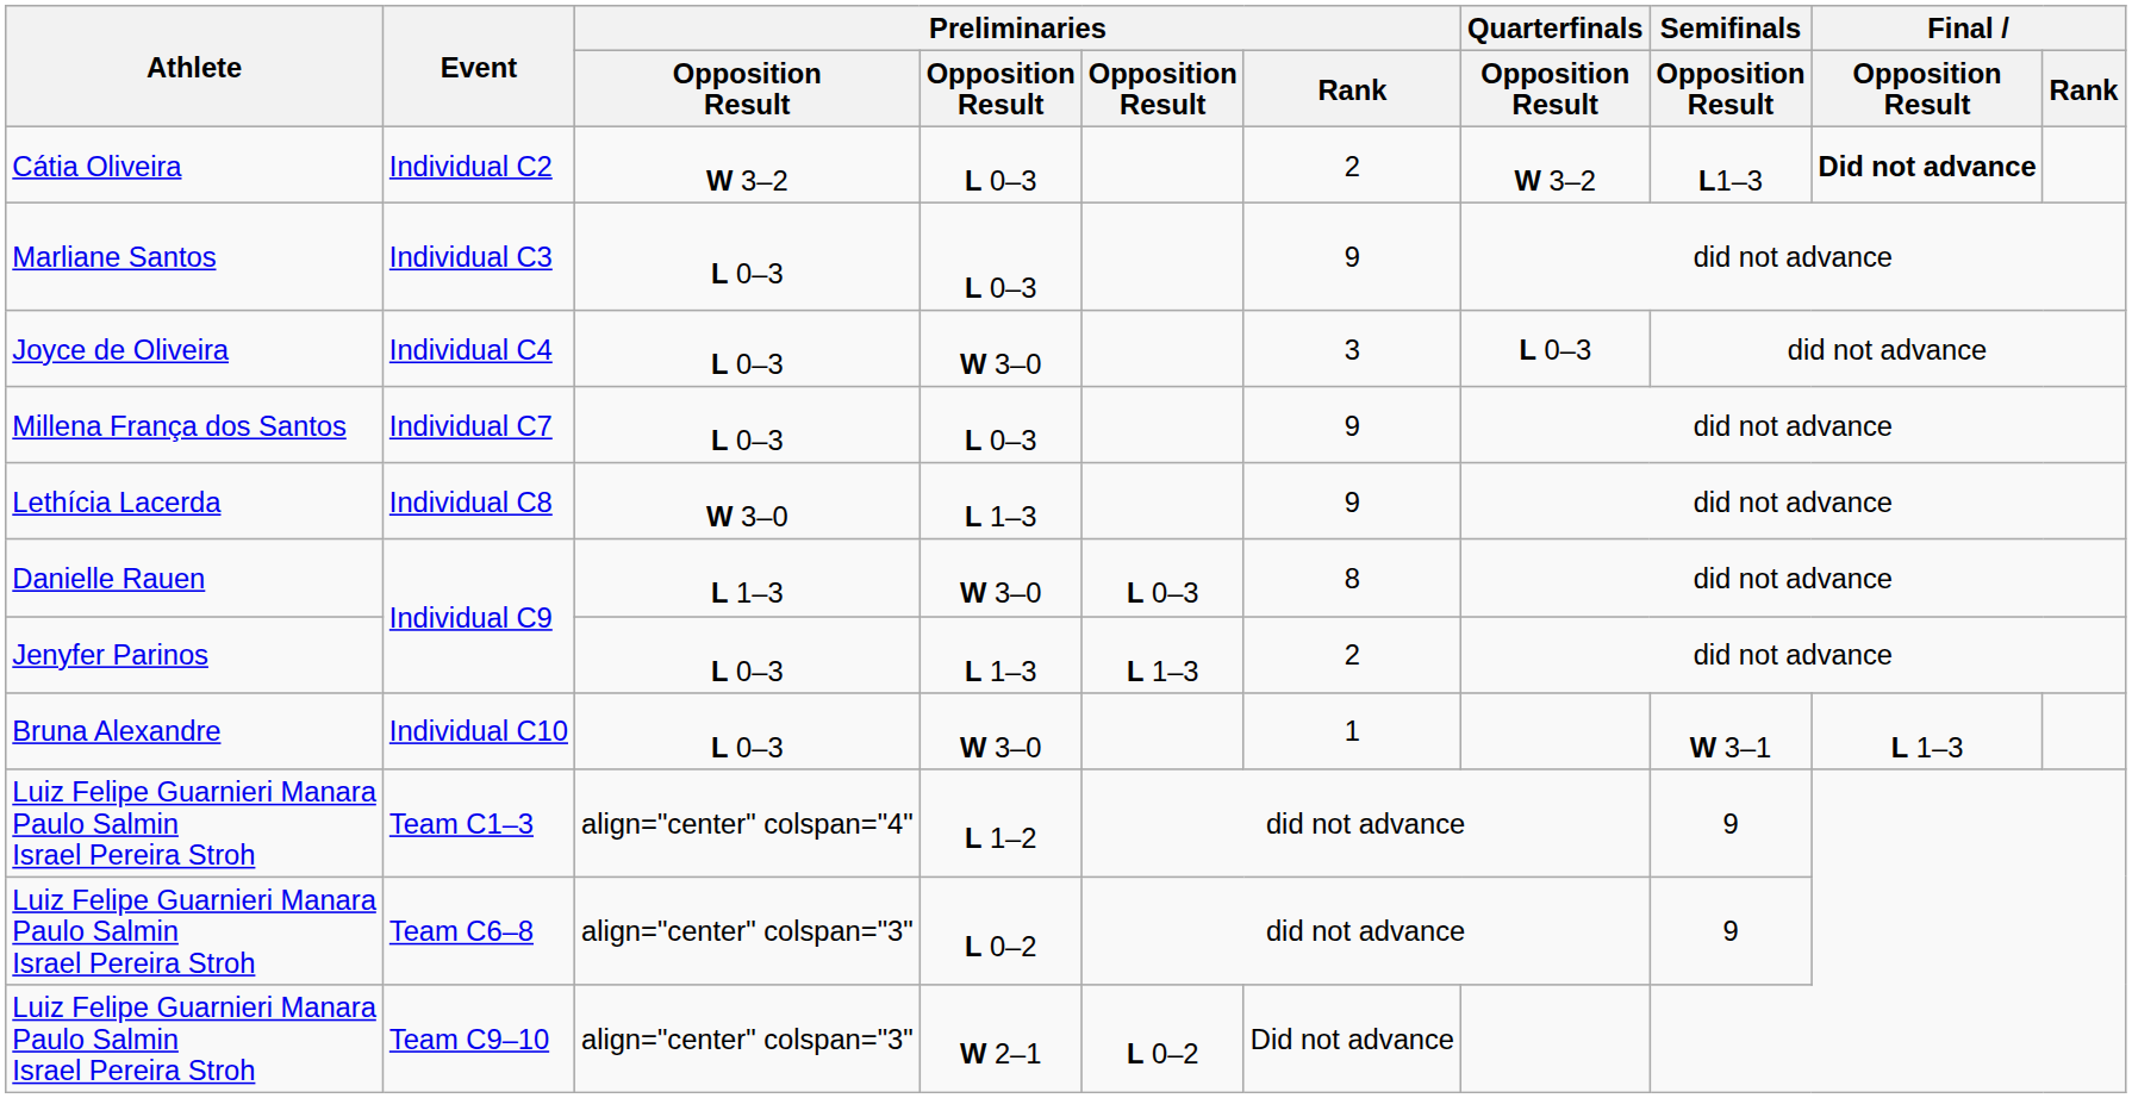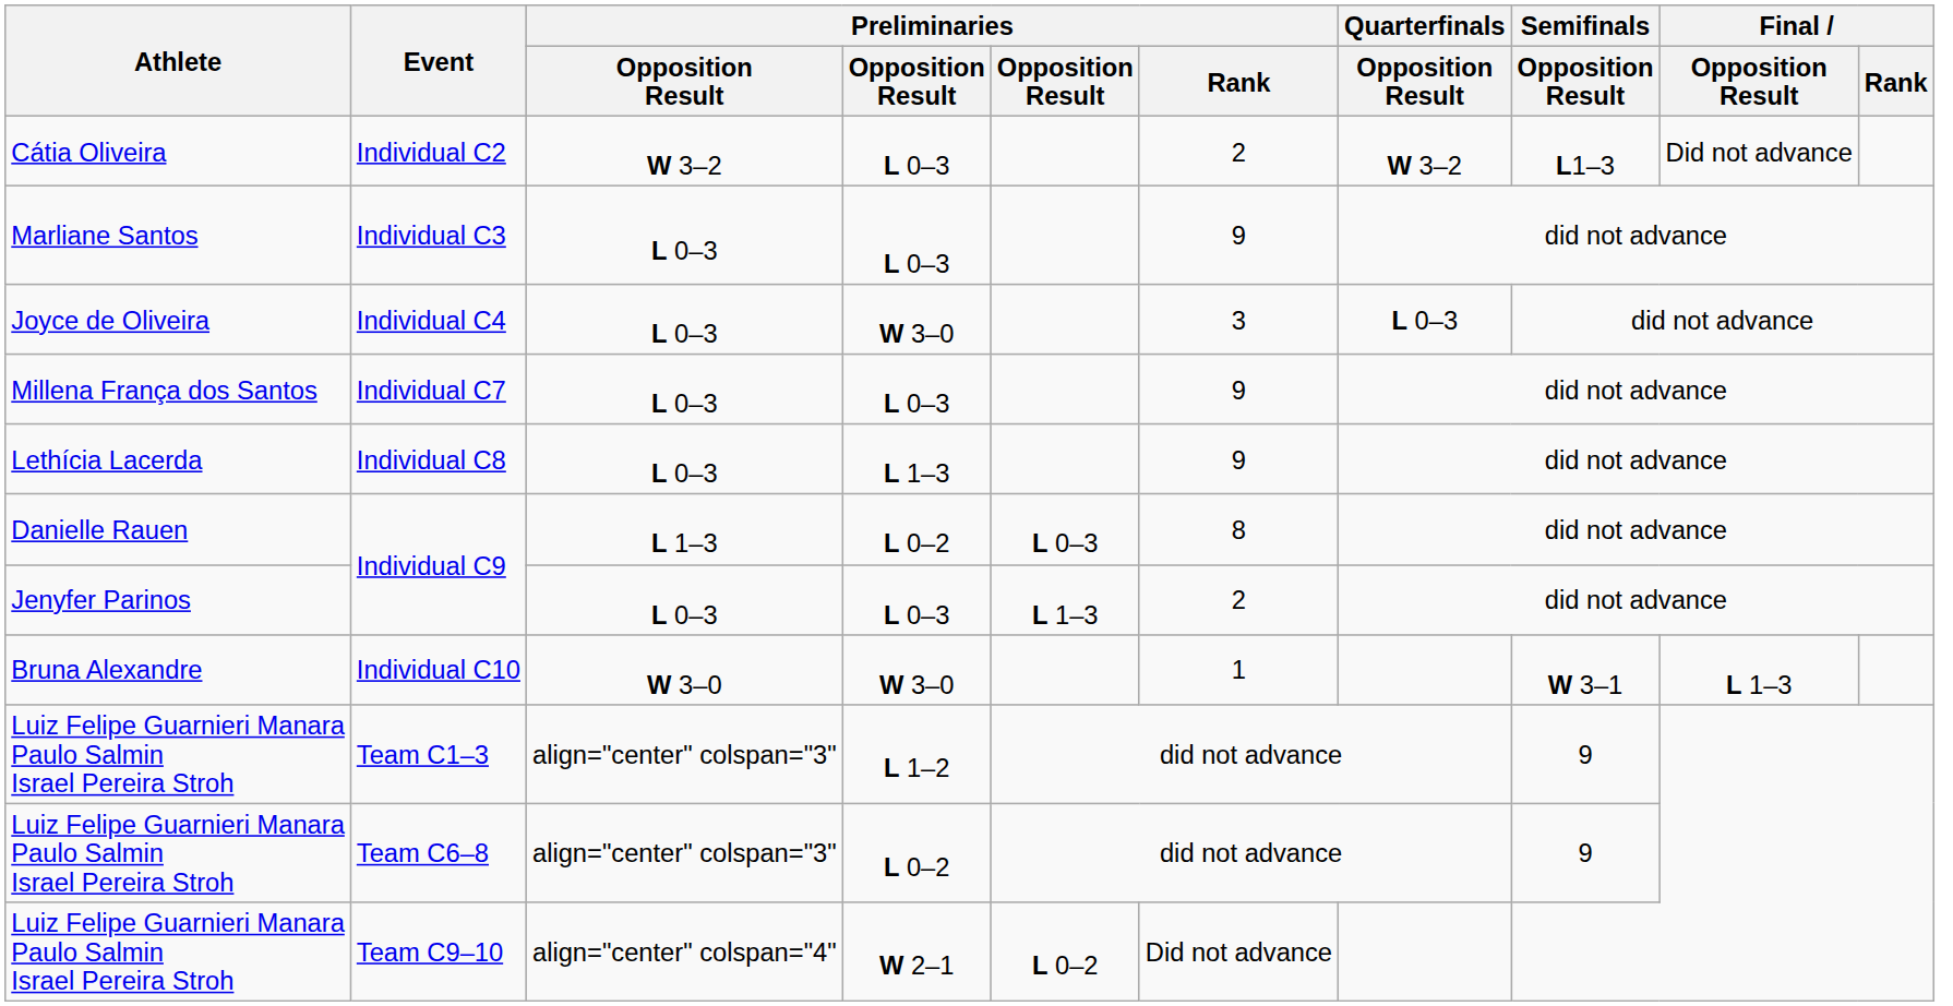 <table class=wikitable style="font-size:95%">
 <tr>
 <th rowspan="2">Athlete</th>
 <th rowspan="2">Event</th>
 <th colspan="4">Preliminaries</th>
 <th>Quarterfinals</th>
 <th>Semifinals</th>
 <th colspan="2">Final / </th>
 </tr>
 <tr>
 <th>Opposition<br>Result</th>
 <th>Opposition<br>Result</th>
 <th>Opposition<br>Result</th>
 <th>Rank</th>
 <th>Opposition<br>Result</th>
 <th>Opposition<br>Result</th>
 <th>Opposition<br>Result</th>
 <th>Rank</th>
 </tr>
 <tr align=center>
 <td align=left><a href='#'>Cátia Oliveira</a></td>
 <td align=left><a href='#'>Individual C2</a></td>
 <td><br><strong>W</strong> 3–2</td>
 <td><br><strong>L</strong> 0–3</td>
 <td></td>
 <td>2</td>
 <td><br><strong>W</strong> 3–2</td>
 <td><br><strong>L</strong>1–3</td>
-<td><strong>Did not advance</strong></td>
+<td>Did not advance</td>
 <td></td>
 </tr>
 <tr align=center>
 <td align=left><a href='#'>Marliane Santos</a></td>
 <td align=left><a href='#'>Individual C3</a></td>
 <td><br><strong>L</strong> 0–3</td>
 <td><br><br><strong>L</strong> 0–3</td>
 <td></td>
 <td>9</td>
 <td colspan="4">did not advance</td>
 </tr>
 <tr align=center>
 <td align=left><a href='#'>Joyce de Oliveira</a></td>
 <td align=left><a href='#'>Individual C4</a></td>
 <td><br><strong>L</strong> 0–3</td>
 <td><br><strong>W</strong> 3–0</td>
 <td></td>
 <td>3</td>
 <td><strong>L</strong> 0–3</td>
 <td colspan="4">did not advance</td>
 </tr>
 <tr align=center>
 <td align=left><a href='#'>Millena França dos Santos</a></td>
 <td align=left><a href='#'>Individual C7</a></td>
 <td><br><strong>L</strong> 0–3</td>
 <td><br><strong>L</strong> 0–3</td>
 <td></td>
 <td>9</td>
 <td colspan="4">did not advance</td>
 </tr>
 <tr align=center>
 <td align=left><a href='#'>Lethícia Lacerda</a></td>
 <td align=left><a href='#'>Individual C8</a></td>
-<td><br><strong>W</strong> 3–0</td>
+<td><br><strong>L</strong> 0–3</td>
 <td><br><strong>L</strong> 1–3</td>
 <td></td>
 <td>9</td>
 <td colspan="4">did not advance</td>
 </tr>
 <tr align=center>
 <td align=left><a href='#'>Danielle Rauen</a></td>
 <td rowspan="2" align="left"><a href='#'>Individual C9</a></td>
 <td><br><strong>L</strong> 1–3</td>
-<td><br><strong>W</strong> 3–0</td>
+<td><br> <strong>L</strong> 0–2</td>
 <td><br><strong>L</strong> 0–3</td>
 <td>8</td>
 <td colspan="4">did not advance</td>
 </tr>
 <tr align=center>
 <td align=left><a href='#'>Jenyfer Parinos</a></td>
 <td><br><strong>L</strong> 0–3</td>
-<td><br><strong>L</strong> 1–3</td>
+<td><br><strong>L</strong> 0–3</td>
 <td><br><strong>L</strong> 1–3</td>
 <td>2</td>
 <td colspan="4">did not advance</td>
 </tr>
 <tr align=center>
 <td align=left><a href='#'>Bruna Alexandre</a></td>
 <td align=left><a href='#'>Individual C10</a></td>
-<td><br><strong>L</strong> 0–3</td>
+<td><br><strong>W</strong> 3–0</td>
 <td><br><strong>W</strong> 3–0</td>
 <td></td>
 <td>1</td>
 <td></td>
 <td><br><strong>W</strong> 3–1</td>
 <td><br><strong>L</strong> 1–3</td>
 <td></td>
 </tr>
 <tr align=center>
 <td align=left><a href='#'>Luiz Felipe Guarnieri Manara</a><br><a href='#'>Paulo Salmin</a><br><a href='#'>Israel Pereira Stroh</a></td>
 <td align=left><a href='#'>Team C1–3</a></td>
-<td>align="center" colspan="4" </td>
+<td>align="center" colspan="3" </td>
 <td><br> <strong>L</strong> 1–2</td>
 <td colspan="3">did not advance</td>
 <td>9</td>
 </tr>
 <tr align=center>
 <td align=left><a href='#'>Luiz Felipe Guarnieri Manara</a><br><a href='#'>Paulo Salmin</a><br><a href='#'>Israel Pereira Stroh</a></td>
 <td align=left><a href='#'>Team C6–8</a></td>
 <td>align="center" colspan="3" </td>
 <td><br> <strong>L</strong> 0–2</td>
 <td colspan="3">did not advance</td>
 <td>9</td>
 </tr>
 <tr align=center>
 <td align=left><a href='#'>Luiz Felipe Guarnieri Manara</a><br><a href='#'>Paulo Salmin</a><br><a href='#'>Israel Pereira Stroh</a></td>
 <td align=left><a href='#'>Team C9–10</a></td>
-<td>align="center" colspan="3" </td>
+<td>align="center" colspan="4" </td>
 <td><br><strong>W</strong> 2–1</td>
 <td><br><strong>L</strong> 0–2</td>
 <td>Did not advance</td>
 <td></td>
 </tr>
 </table>
